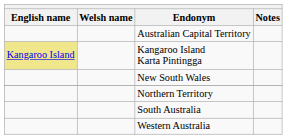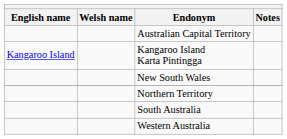 <table class="wikitable sortable">
 <tr>
 <th colspan="24"> </th>
 </tr>
 <tr>
 <th>English name</th>
 <th>Welsh name</th>
 <th>Endonym</th>
 <th>Notes</th>
 </tr>
 <tr>
 <td></td>
 <td></td>
 <td>Australian Capital Territory</td>
 <td></td>
 </tr>
 <tr>
-<td style="background: khaki;"><a href='#'>Kangaroo Island</a></td>
+<td><a href='#'>Kangaroo Island</a></td>
 <td></td>
 <td>Kangaroo Island<br>Karta Pintingga</td>
 <td></td>
 </tr>
 <tr>
 <td></td>
 <td></td>
 <td>New South Wales</td>
 <td></td>
 </tr>
 <tr>
 </tr>
 <tr>
 <td></td>
 <td></td>
 <td>Northern Territory</td>
 <td></td>
 </tr>
 <tr>
 <td></td>
 <td></td>
 <td>South Australia</td>
 <td></td>
 </tr>
 <tr>
 <td></td>
 <td></td>
 <td>Western Australia</td>
 <td></td>
 </tr>
 </table>
